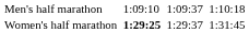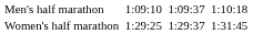 <table>
 <tr>
 <td>Men's half marathon</td>
 <td></td>
 <td>1:09:10</td>
 <td></td>
 <td>1:09:37</td>
 <td></td>
 <td>1:10:18</td>
 </tr>
 <tr>
 <td>Women's half marathon</td>
 <td></td>
-<td><strong>1:29:25</strong></td>
+<td>1:29:25</td>
 <td></td>
 <td>1:29:37</td>
 <td></td>
 <td>1:31:45</td>
 </tr>
 </table>
